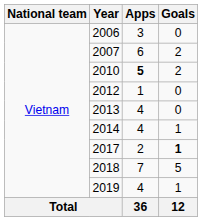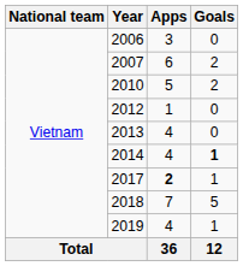 <table class=wikitable style=text-align:center>
 <tr>
 <th>National team</th>
 <th>Year</th>
 <th>Apps</th>
 <th>Goals</th>
 </tr>
 <tr>
 <td rowspan=9><a href='#'>Vietnam</a></td>
 <td>2006</td>
 <td>3</td>
 <td>0</td>
 </tr>
 <tr>
 <td>2007</td>
 <td>6</td>
 <td>2</td>
 </tr>
 <tr>
 <td>2010</td>
-<td><strong>5</strong></td>
+<td>5</td>
 <td>2</td>
 </tr>
 <tr>
 <td>2012</td>
 <td>1</td>
 <td>0</td>
 </tr>
 <tr>
 <td>2013</td>
 <td>4</td>
 <td>0</td>
 </tr>
 <tr>
 <td>2014</td>
 <td>4</td>
-<td>1</td>
+<td><strong>1</strong></td>
 </tr>
 <tr>
 <td>2017</td>
-<td>2</td>
-<td><strong>1</strong></td>
+<td><strong>2</strong></td>
+<td>1</td>
 </tr>
 <tr>
 <td>2018</td>
 <td>7</td>
 <td>5</td>
 </tr>
 <tr>
 <td>2019</td>
 <td>4</td>
 <td>1</td>
 </tr>
 <tr>
 <th colspan=2>Total</th>
 <th>36</th>
 <th>12</th>
 </tr>
 </table>
